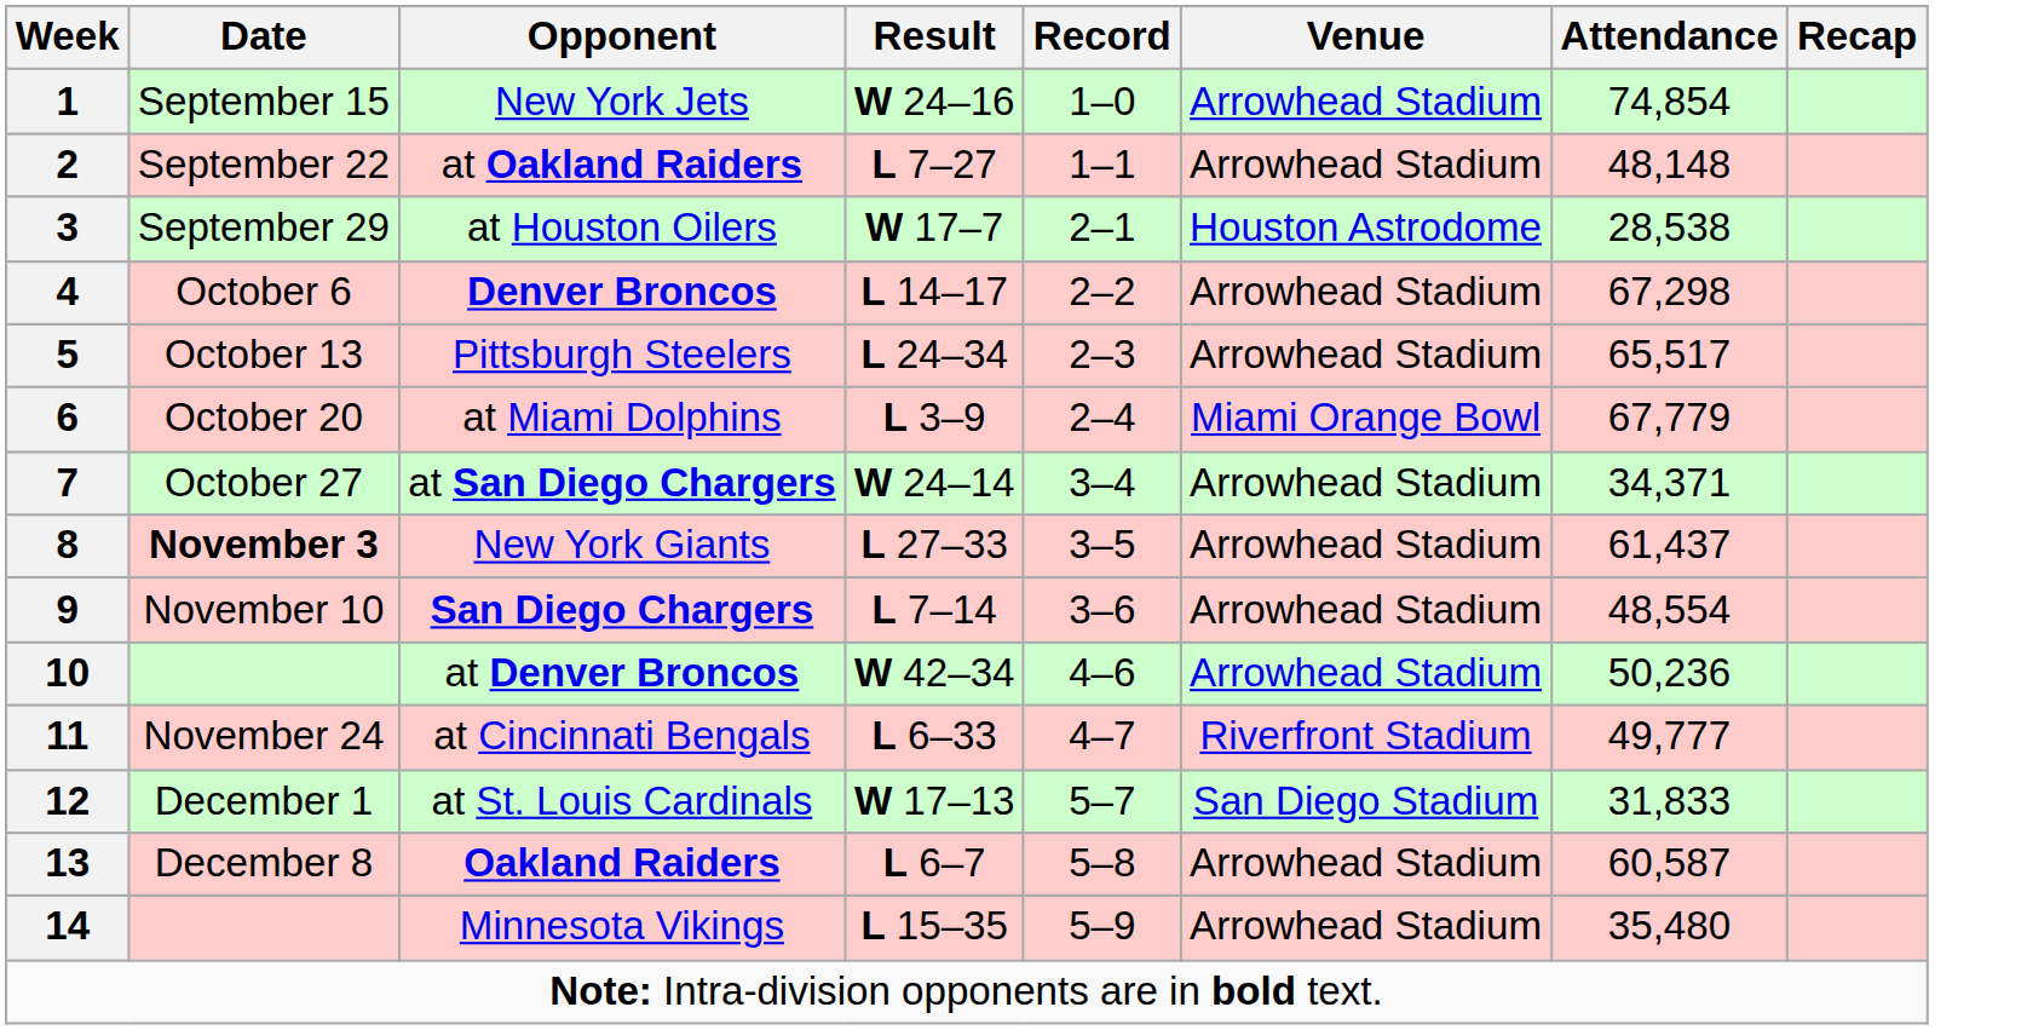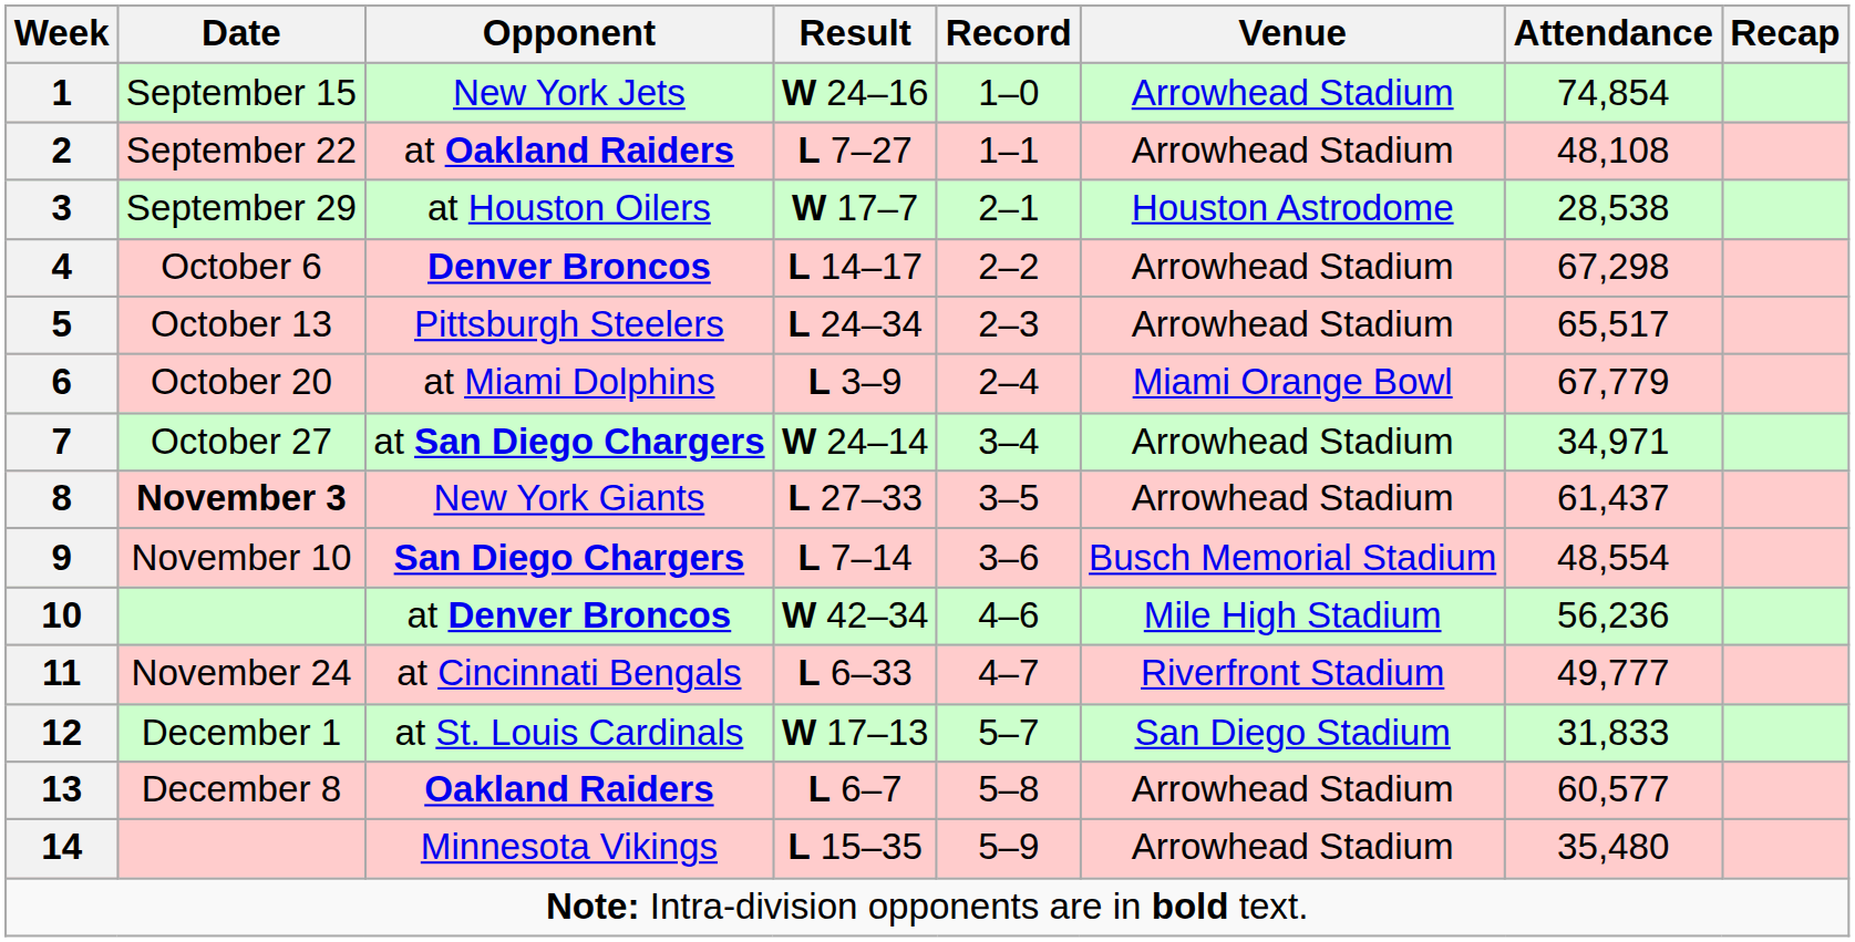 <table class="wikitable" style="text-align:center">
 <tr>
 <th>Week</th>
 <th>Date</th>
 <th>Opponent</th>
 <th>Result</th>
 <th>Record</th>
 <th>Venue</th>
 <th>Attendance</th>
 <th>Recap</th>
 </tr>
 <tr style="background:#cfc">
 <th>1</th>
 <td>September 15</td>
 <td><a href='#'>New York Jets</a></td>
 <td><strong>W</strong> 24–16</td>
 <td>1–0</td>
 <td><a href='#'>Arrowhead Stadium</a></td>
 <td>74,854</td>
 <td></td>
 </tr>
 <tr style="background:#fcc">
 <th>2</th>
 <td>September 22</td>
 <td>at <strong><a href='#'>Oakland Raiders</a></strong></td>
 <td><strong>L</strong> 7–27</td>
 <td>1–1</td>
 <td>Arrowhead Stadium</td>
-<td>48,148</td>
+<td>48,108</td>
 <td></td>
 </tr>
 <tr style="background:#cfc">
 <th>3</th>
 <td>September 29</td>
 <td>at <a href='#'>Houston Oilers</a></td>
 <td><strong>W</strong> 17–7</td>
 <td>2–1</td>
 <td><a href='#'>Houston Astrodome</a></td>
 <td>28,538</td>
 <td></td>
 </tr>
 <tr style="background:#fcc">
 <th>4</th>
 <td>October 6</td>
 <td><strong><a href='#'>Denver Broncos</a></strong></td>
 <td><strong>L</strong> 14–17</td>
 <td>2–2</td>
 <td>Arrowhead Stadium</td>
 <td>67,298</td>
 <td></td>
 </tr>
 <tr style="background:#fcc">
 <th>5</th>
 <td>October 13</td>
 <td><a href='#'>Pittsburgh Steelers</a></td>
 <td><strong>L</strong> 24–34</td>
 <td>2–3</td>
 <td>Arrowhead Stadium</td>
 <td>65,517</td>
 <td></td>
 </tr>
 <tr style="background:#fcc">
 <th>6</th>
 <td>October 20</td>
 <td>at <a href='#'>Miami Dolphins</a></td>
 <td><strong>L</strong> 3–9</td>
 <td>2–4</td>
 <td><a href='#'>Miami Orange Bowl</a></td>
 <td>67,779</td>
 <td></td>
 </tr>
 <tr style="background:#cfc">
 <th>7</th>
 <td>October 27</td>
 <td>at <strong><a href='#'>San Diego Chargers</a></strong></td>
 <td><strong>W</strong> 24–14</td>
 <td>3–4</td>
 <td>Arrowhead Stadium</td>
-<td>34,371</td>
+<td>34,971</td>
 <td></td>
 </tr>
 <tr style="background:#fcc">
 <th>8</th>
 <td><strong>November 3</strong></td>
 <td><a href='#'>New York Giants</a></td>
 <td><strong>L</strong> 27–33</td>
 <td>3–5</td>
 <td>Arrowhead Stadium</td>
 <td>61,437</td>
 <td></td>
 </tr>
 <tr style="background:#fcc">
 <th>9</th>
 <td>November 10</td>
 <td><strong><a href='#'>San Diego Chargers</a></strong></td>
 <td><strong>L</strong> 7–14</td>
 <td>3–6</td>
-<td>Arrowhead Stadium</td>
+<td><a href='#'>Busch Memorial Stadium</a></td>
 <td>48,554</td>
 <td></td>
 </tr>
 <tr style="background:#cfc">
 <th>10</th>
 <td></td>
 <td>at <strong><a href='#'>Denver Broncos</a></strong></td>
 <td><strong>W</strong> 42–34</td>
 <td>4–6</td>
-<td><a href='#'>Arrowhead Stadium</a></td>
-<td>50,236</td>
+<td><a href='#'>Mile High Stadium</a></td>
+<td>56,236</td>
 <td></td>
 </tr>
 <tr style="background:#fcc">
 <th>11</th>
 <td>November 24</td>
 <td>at <a href='#'>Cincinnati Bengals</a></td>
 <td><strong>L</strong> 6–33</td>
 <td>4–7</td>
 <td><a href='#'>Riverfront Stadium</a></td>
 <td>49,777</td>
 <td></td>
 </tr>
 <tr style="background:#cfc">
 <th>12</th>
 <td>December 1</td>
 <td>at <a href='#'>St. Louis Cardinals</a></td>
 <td><strong>W</strong> 17–13</td>
 <td>5–7</td>
 <td><a href='#'>San Diego Stadium</a></td>
 <td>31,833</td>
 <td></td>
 </tr>
 <tr style="background:#fcc">
 <th>13</th>
 <td>December 8</td>
 <td><strong><a href='#'>Oakland Raiders</a></strong></td>
 <td><strong>L</strong> 6–7</td>
 <td>5–8</td>
 <td>Arrowhead Stadium</td>
-<td>60,587</td>
+<td>60,577</td>
 <td></td>
 </tr>
 <tr style="background:#fcc">
 <th>14</th>
 <td></td>
 <td><a href='#'>Minnesota Vikings</a></td>
 <td><strong>L</strong> 15–35</td>
 <td>5–9</td>
 <td>Arrowhead Stadium</td>
 <td>35,480</td>
 <td></td>
 </tr>
 <tr>
 <td colspan="8"><strong>Note:</strong> Intra-division opponents are in <strong>bold</strong> text.</td>
 </tr>
 </table>
